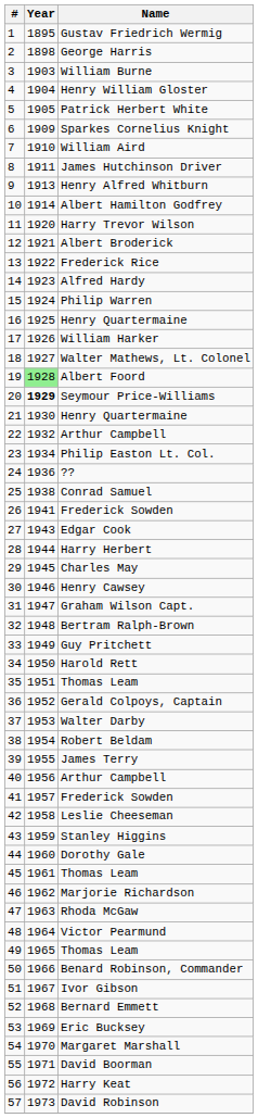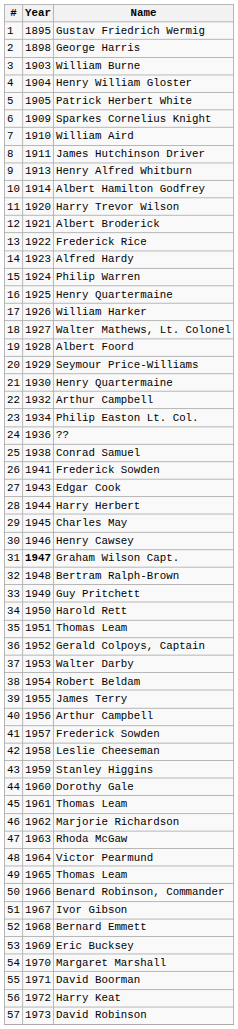 <table class="wikitable">
 <tr>
 <th>#</th>
 <th>Year</th>
 <th>Name</th>
 </tr>
 <tr>
 <td>1</td>
 <td>1895</td>
 <td>Gustav Friedrich Wermig</td>
 </tr>
 <tr>
 <td>2</td>
 <td>1898</td>
 <td>George Harris</td>
 </tr>
 <tr>
 <td>3</td>
 <td>1903</td>
 <td>William Burne</td>
 </tr>
 <tr>
 <td>4</td>
 <td>1904</td>
 <td>Henry William Gloster</td>
 </tr>
 <tr>
 <td>5</td>
 <td>1905</td>
 <td>Patrick Herbert White</td>
 </tr>
 <tr>
 <td>6</td>
 <td>1909</td>
 <td>Sparkes Cornelius Knight</td>
 </tr>
 <tr>
 <td>7</td>
 <td>1910</td>
 <td>William Aird</td>
 </tr>
 <tr>
 <td>8</td>
 <td>1911</td>
 <td>James Hutchinson Driver</td>
 </tr>
 <tr>
 <td>9</td>
 <td>1913</td>
 <td>Henry Alfred Whitburn</td>
 </tr>
 <tr>
 <td>10</td>
 <td>1914</td>
 <td>Albert Hamilton Godfrey</td>
 </tr>
 <tr>
 <td>11</td>
 <td>1920</td>
 <td>Harry Trevor Wilson</td>
 </tr>
 <tr>
 <td>12</td>
 <td>1921</td>
 <td>Albert Broderick</td>
 </tr>
 <tr>
 <td>13</td>
 <td>1922</td>
 <td>Frederick Rice</td>
 </tr>
 <tr>
 <td>14</td>
 <td>1923</td>
 <td>Alfred Hardy</td>
 </tr>
 <tr>
 <td>15</td>
 <td>1924</td>
 <td>Philip Warren</td>
 </tr>
 <tr>
 <td>16</td>
 <td>1925</td>
 <td>Henry Quartermaine</td>
 </tr>
 <tr>
 <td>17</td>
 <td>1926</td>
 <td>William Harker</td>
 </tr>
 <tr>
 <td>18</td>
 <td>1927</td>
 <td>Walter Mathews, Lt. Colonel</td>
 </tr>
 <tr>
 <td>19</td>
-<td style="background: lightgreen;">1928</td>
+<td>1928</td>
 <td>Albert Foord</td>
 </tr>
 <tr>
 <td>20</td>
-<td><strong>1929</strong></td>
+<td>1929</td>
 <td>Seymour Price-Williams</td>
 </tr>
 <tr>
 <td>21</td>
 <td>1930</td>
 <td>Henry Quartermaine</td>
 </tr>
 <tr>
 <td>22</td>
 <td>1932</td>
 <td>Arthur Campbell</td>
 </tr>
 <tr>
 <td>23</td>
 <td>1934</td>
 <td>Philip Easton Lt. Col.</td>
 </tr>
 <tr>
 <td>24</td>
 <td>1936</td>
 <td>??</td>
 </tr>
 <tr>
 <td>25</td>
 <td>1938</td>
 <td>Conrad Samuel</td>
 </tr>
 <tr>
 <td>26</td>
 <td>1941</td>
 <td>Frederick Sowden</td>
 </tr>
 <tr>
 <td>27</td>
 <td>1943</td>
 <td>Edgar Cook</td>
 </tr>
 <tr>
 <td>28</td>
 <td>1944</td>
 <td>Harry Herbert</td>
 </tr>
 <tr>
 <td>29</td>
 <td>1945</td>
 <td>Charles May</td>
 </tr>
 <tr>
 <td>30</td>
 <td>1946</td>
 <td>Henry Cawsey</td>
 </tr>
 <tr>
 <td>31</td>
-<td>1947</td>
+<td><strong>1947</strong></td>
 <td>Graham Wilson Capt.</td>
 </tr>
 <tr>
 <td>32</td>
 <td>1948</td>
 <td>Bertram Ralph-Brown</td>
 </tr>
 <tr>
 <td>33</td>
 <td>1949</td>
 <td>Guy Pritchett</td>
 </tr>
 <tr>
 <td>34</td>
 <td>1950</td>
 <td>Harold Rett</td>
 </tr>
 <tr>
 <td>35</td>
 <td>1951</td>
 <td>Thomas Leam</td>
 </tr>
 <tr>
 <td>36</td>
 <td>1952</td>
 <td>Gerald Colpoys, Captain</td>
 </tr>
 <tr>
 <td>37</td>
 <td>1953</td>
 <td>Walter Darby</td>
 </tr>
 <tr>
 <td>38</td>
 <td>1954</td>
 <td>Robert Beldam</td>
 </tr>
 <tr>
 <td>39</td>
 <td>1955</td>
 <td>James Terry</td>
 </tr>
 <tr>
 <td>40</td>
 <td>1956</td>
 <td>Arthur Campbell</td>
 </tr>
 <tr>
 <td>41</td>
 <td>1957</td>
 <td>Frederick Sowden</td>
 </tr>
 <tr>
 <td>42</td>
 <td>1958</td>
 <td>Leslie Cheeseman</td>
 </tr>
 <tr>
 <td>43</td>
 <td>1959</td>
 <td>Stanley Higgins</td>
 </tr>
 <tr>
 <td>44</td>
 <td>1960</td>
 <td>Dorothy Gale</td>
 </tr>
 <tr>
 <td>45</td>
 <td>1961</td>
 <td>Thomas Leam</td>
 </tr>
 <tr>
 <td>46</td>
 <td>1962</td>
 <td>Marjorie Richardson</td>
 </tr>
 <tr>
 <td>47</td>
 <td>1963</td>
 <td>Rhoda McGaw</td>
 </tr>
 <tr>
 <td>48</td>
 <td>1964</td>
 <td>Victor Pearmund</td>
 </tr>
 <tr>
 <td>49</td>
 <td>1965</td>
 <td>Thomas Leam</td>
 </tr>
 <tr>
 <td>50</td>
 <td>1966</td>
 <td>Benard Robinson, Commander</td>
 </tr>
 <tr>
 <td>51</td>
 <td>1967</td>
 <td>Ivor Gibson</td>
 </tr>
 <tr>
 <td>52</td>
 <td>1968</td>
 <td>Bernard Emmett</td>
 </tr>
 <tr>
 <td>53</td>
 <td>1969</td>
 <td>Eric Bucksey</td>
 </tr>
 <tr>
 <td>54</td>
 <td>1970</td>
 <td>Margaret Marshall</td>
 </tr>
 <tr>
 <td>55</td>
 <td>1971</td>
 <td>David Boorman</td>
 </tr>
 <tr>
 <td>56</td>
 <td>1972</td>
 <td>Harry Keat</td>
 </tr>
 <tr>
 <td>57</td>
 <td>1973</td>
 <td>David Robinson</td>
 </tr>
 <tr>
 </tr>
 </table>
